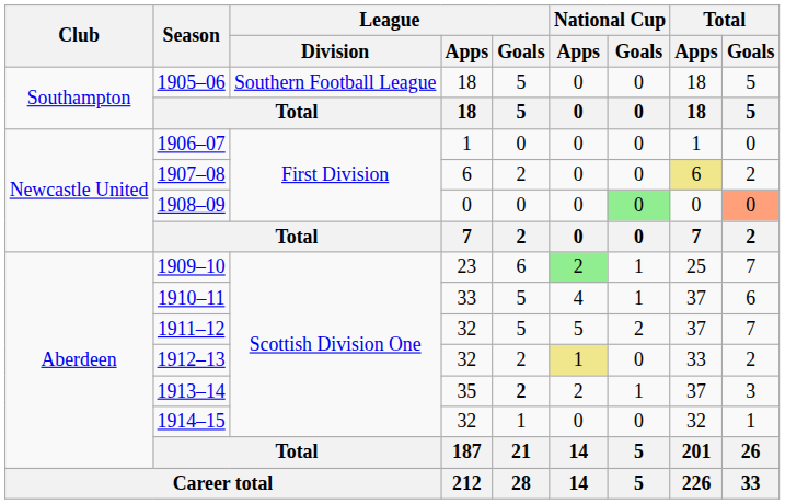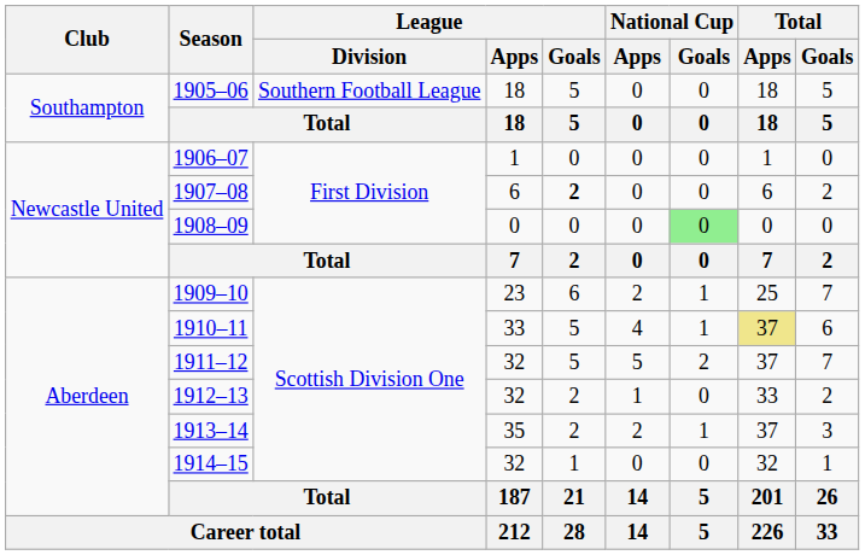 <table class="wikitable" style="text-align: center;">
 <tr>
 <th rowspan="2">Club</th>
 <th rowspan="2">Season</th>
 <th colspan="3">League</th>
 <th colspan="2">National Cup</th>
 <th colspan="2">Total</th>
 </tr>
 <tr>
 <th>Division</th>
 <th>Apps</th>
 <th>Goals</th>
 <th>Apps</th>
 <th>Goals</th>
 <th>Apps</th>
 <th>Goals</th>
 </tr>
 <tr>
 <td rowspan="2"><a href='#'>Southampton</a></td>
 <td><a href='#'>1905–06</a></td>
 <td><a href='#'>Southern Football League</a></td>
 <td>18</td>
 <td>5</td>
 <td>0</td>
 <td>0</td>
 <td>18</td>
 <td>5</td>
 </tr>
 <tr>
 <th colspan="2">Total</th>
 <th>18</th>
 <th>5</th>
 <th>0</th>
 <th>0</th>
 <th>18</th>
 <th>5</th>
 </tr>
 <tr>
 <td rowspan="4"><a href='#'>Newcastle United</a></td>
 <td><a href='#'>1906–07</a></td>
 <td rowspan="3"><a href='#'>First Division</a></td>
 <td>1</td>
 <td>0</td>
 <td>0</td>
 <td>0</td>
 <td>1</td>
 <td>0</td>
 </tr>
 <tr>
 <td><a href='#'>1907–08</a></td>
 <td>6</td>
-<td>2</td>
+<td><strong>2</strong></td>
 <td>0</td>
 <td>0</td>
-<td style="background: khaki;">6</td>
+<td>6</td>
 <td>2</td>
 </tr>
 <tr>
 <td><a href='#'>1908–09</a></td>
 <td>0</td>
 <td>0</td>
 <td>0</td>
 <td style="background: lightgreen;">0</td>
 <td>0</td>
-<td style="background: lightsalmon;">0</td>
+<td>0</td>
 </tr>
 <tr>
 <th colspan="2">Total</th>
 <th>7</th>
 <th>2</th>
 <th>0</th>
 <th>0</th>
 <th>7</th>
 <th>2</th>
 </tr>
 <tr>
 <td rowspan="7"><a href='#'>Aberdeen</a></td>
 <td><a href='#'>1909–10</a></td>
 <td rowspan="6"><a href='#'>Scottish Division One</a></td>
 <td>23</td>
 <td>6</td>
-<td style="background: lightgreen;">2</td>
+<td>2</td>
 <td>1</td>
 <td>25</td>
 <td>7</td>
 </tr>
 <tr>
 <td><a href='#'>1910–11</a></td>
 <td>33</td>
 <td>5</td>
 <td>4</td>
 <td>1</td>
-<td>37</td>
+<td style="background: khaki;">37</td>
 <td>6</td>
 </tr>
 <tr>
 <td><a href='#'>1911–12</a></td>
 <td>32</td>
 <td>5</td>
 <td>5</td>
 <td>2</td>
 <td>37</td>
 <td>7</td>
 </tr>
 <tr>
 <td><a href='#'>1912–13</a></td>
 <td>32</td>
 <td>2</td>
-<td style="background: khaki;">1</td>
+<td>1</td>
 <td>0</td>
 <td>33</td>
 <td>2</td>
 </tr>
 <tr>
 <td><a href='#'>1913–14</a></td>
 <td>35</td>
-<td><strong>2</strong></td>
+<td>2</td>
 <td>2</td>
 <td>1</td>
 <td>37</td>
 <td>3</td>
 </tr>
 <tr>
 <td><a href='#'>1914–15</a></td>
 <td>32</td>
 <td>1</td>
 <td>0</td>
 <td>0</td>
 <td>32</td>
 <td>1</td>
 </tr>
 <tr>
 <th colspan="2">Total</th>
 <th>187</th>
 <th>21</th>
 <th>14</th>
 <th>5</th>
 <th>201</th>
 <th>26</th>
 </tr>
 <tr>
 <th colspan="3">Career total</th>
 <th>212</th>
 <th>28</th>
 <th>14</th>
 <th>5</th>
 <th>226</th>
 <th>33</th>
 </tr>
 </table>
